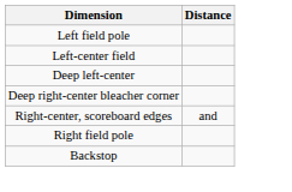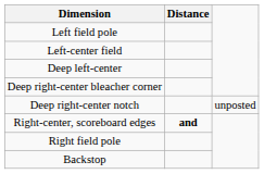 <table class="wikitable" style="text-align:center;">
 <tr>
 <th>Dimension</th>
 <th>Distance</th>
 </tr>
 <tr>
 <td>Left field pole</td>
 <td></td>
 </tr>
 <tr>
 <td>Left-center field</td>
 <td></td>
 </tr>
 <tr>
 <td>Deep left-center</td>
 <td></td>
 </tr>
 <tr>
 <td>Deep right-center bleacher corner</td>
 <td></td>
 </tr>
 <tr>
+<td>Deep right-center notch</td>
+<td></td>
+<td>unposted</td>
+</tr>
+<tr>
 <td>Right-center, scoreboard edges</td>
-<td> and </td>
+<td><strong> and </strong></td>
 </tr>
 <tr>
 <td>Right field pole</td>
 <td></td>
 </tr>
 <tr>
 <td>Backstop</td>
 <td></td>
 </tr>
 </table>
